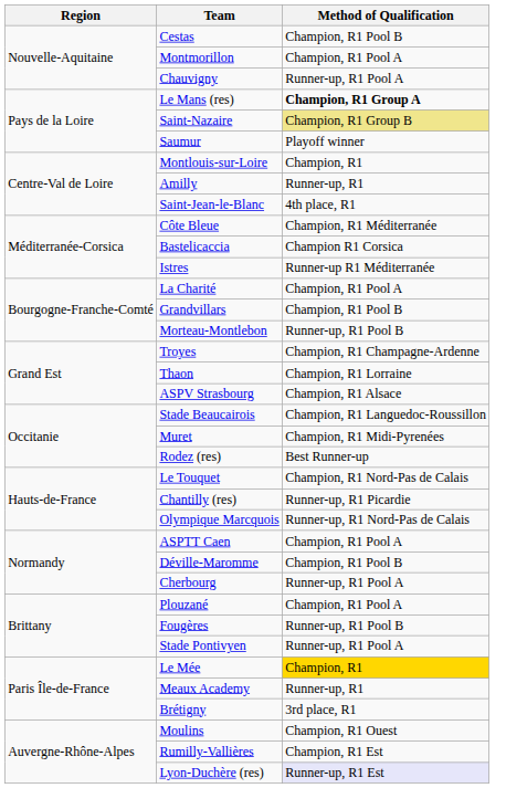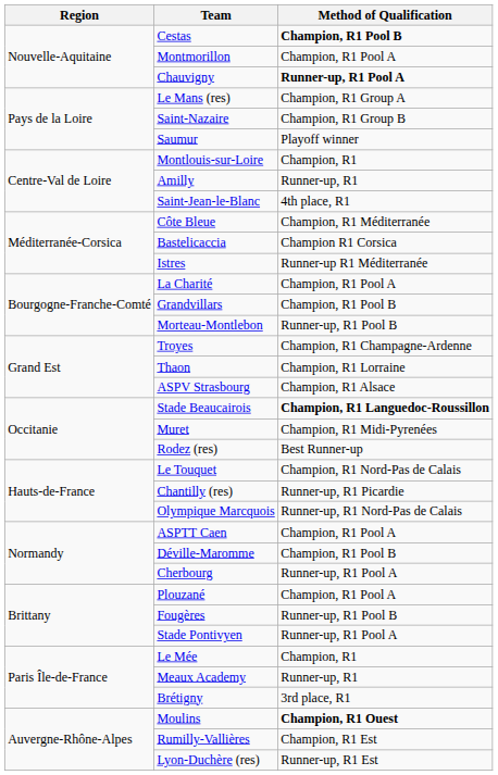 <table class="wikitable mw-collapsible mw-collapsed">
 <tr>
 <th>Region</th>
 <th>Team</th>
 <th>Method of Qualification</th>
 </tr>
 <tr>
 <td rowspan=3>Nouvelle-Aquitaine</td>
 <td><a href='#'>Cestas</a></td>
-<td>Champion, R1 Pool B</td>
+<td><strong>Champion, R1 Pool B</strong></td>
 </tr>
 <tr>
 <td><a href='#'>Montmorillon</a></td>
 <td>Champion, R1 Pool A</td>
 </tr>
 <tr>
 <td><a href='#'>Chauvigny</a></td>
-<td>Runner-up, R1 Pool A</td>
+<td><strong>Runner-up, R1 Pool A</strong></td>
 </tr>
 <tr>
 <td rowspan=3>Pays de la Loire</td>
 <td><a href='#'>Le Mans</a> (res)</td>
-<td><strong>Champion, R1 Group A</strong></td>
+<td>Champion, R1 Group A</td>
 </tr>
 <tr>
 <td><a href='#'>Saint-Nazaire</a></td>
-<td style="background: khaki;">Champion, R1 Group B</td>
+<td>Champion, R1 Group B</td>
 </tr>
 <tr>
 <td><a href='#'>Saumur</a></td>
 <td>Playoff winner</td>
 </tr>
 <tr>
 <td rowspan=3>Centre-Val de Loire</td>
 <td><a href='#'>Montlouis-sur-Loire</a></td>
 <td>Champion, R1</td>
 </tr>
 <tr>
 <td><a href='#'>Amilly</a></td>
 <td>Runner-up, R1</td>
 </tr>
 <tr>
 <td><a href='#'>Saint-Jean-le-Blanc</a></td>
 <td>4th place, R1</td>
 </tr>
 <tr>
 <td rowspan=3>Méditerranée-Corsica</td>
 <td><a href='#'>Côte Bleue</a></td>
 <td>Champion, R1 Méditerranée</td>
 </tr>
 <tr>
 <td><a href='#'>Bastelicaccia</a></td>
 <td>Champion R1 Corsica</td>
 </tr>
 <tr>
 <td><a href='#'>Istres</a></td>
 <td>Runner-up R1 Méditerranée</td>
 </tr>
 <tr>
 <td rowspan=3>Bourgogne-Franche-Comté</td>
 <td><a href='#'>La Charité</a></td>
 <td>Champion, R1 Pool A</td>
 </tr>
 <tr>
 <td><a href='#'>Grandvillars</a></td>
 <td>Champion, R1 Pool B</td>
 </tr>
 <tr>
 <td><a href='#'>Morteau-Montlebon</a></td>
 <td>Runner-up, R1 Pool B</td>
 </tr>
 <tr>
 <td rowspan=3>Grand Est</td>
 <td><a href='#'>Troyes</a></td>
 <td>Champion, R1 Champagne-Ardenne</td>
 </tr>
 <tr>
 <td><a href='#'>Thaon</a></td>
 <td>Champion, R1 Lorraine</td>
 </tr>
 <tr>
 <td><a href='#'>ASPV Strasbourg</a></td>
 <td>Champion, R1 Alsace</td>
 </tr>
 <tr>
 <td rowspan=3>Occitanie</td>
 <td><a href='#'>Stade Beaucairois</a></td>
-<td>Champion, R1 Languedoc-Roussillon</td>
+<td><strong>Champion, R1 Languedoc-Roussillon</strong></td>
 </tr>
 <tr>
 <td><a href='#'>Muret</a></td>
 <td>Champion, R1 Midi-Pyrenées</td>
 </tr>
 <tr>
 <td><a href='#'>Rodez</a> (res)</td>
 <td>Best Runner-up</td>
 </tr>
 <tr>
 <td rowspan=3>Hauts-de-France</td>
 <td><a href='#'>Le Touquet</a></td>
 <td>Champion, R1 Nord-Pas de Calais</td>
 </tr>
 <tr>
 <td><a href='#'>Chantilly</a> (res)</td>
 <td>Runner-up, R1 Picardie</td>
 </tr>
 <tr>
 <td><a href='#'>Olympique Marcquois</a></td>
 <td>Runner-up, R1 Nord-Pas de Calais</td>
 </tr>
 <tr>
 <td rowspan=3>Normandy</td>
 <td><a href='#'>ASPTT Caen</a></td>
 <td>Champion, R1 Pool A</td>
 </tr>
 <tr>
 <td><a href='#'>Déville-Maromme</a></td>
 <td>Champion, R1 Pool B</td>
 </tr>
 <tr>
 <td><a href='#'>Cherbourg</a></td>
 <td>Runner-up, R1 Pool A</td>
 </tr>
 <tr>
 <td rowspan=3>Brittany</td>
 <td><a href='#'>Plouzané</a></td>
 <td>Champion, R1 Pool A</td>
 </tr>
 <tr>
 <td><a href='#'>Fougères</a></td>
 <td>Runner-up, R1 Pool B</td>
 </tr>
 <tr>
 <td><a href='#'>Stade Pontivyen</a></td>
 <td>Runner-up, R1 Pool A</td>
 </tr>
 <tr>
 <td rowspan=3>Paris Île-de-France</td>
 <td><a href='#'>Le Mée</a></td>
-<td style="background: gold;">Champion, R1</td>
+<td>Champion, R1</td>
 </tr>
 <tr>
 <td><a href='#'>Meaux Academy</a></td>
 <td>Runner-up, R1</td>
 </tr>
 <tr>
 <td><a href='#'>Brétigny</a></td>
 <td>3rd place, R1</td>
 </tr>
 <tr>
 <td rowspan=3>Auvergne-Rhône-Alpes</td>
 <td><a href='#'>Moulins</a></td>
-<td>Champion, R1 Ouest</td>
+<td><strong>Champion, R1 Ouest</strong></td>
 </tr>
 <tr>
 <td><a href='#'>Rumilly-Vallières</a></td>
 <td>Champion, R1 Est</td>
 </tr>
 <tr>
 <td><a href='#'>Lyon-Duchère</a> (res)</td>
-<td style="background: lavender;">Runner-up, R1 Est</td>
+<td>Runner-up, R1 Est</td>
 </tr>
 </table>
